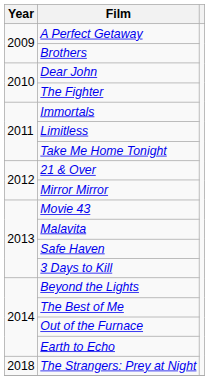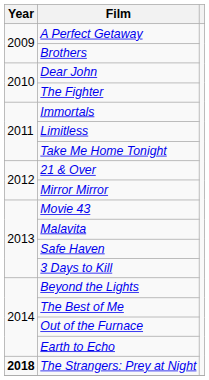 <table class="wikitable plainrowheaders">
 <tr>
 <th>Year</th>
 <th>Film</th>
 <th></th>
 </tr>
 <tr>
 <td rowspan=2>2009</td>
 <td><em><a href='#'>A Perfect Getaway</a></em></td>
 <td rowspan=18></td>
 </tr>
 <tr>
 <td><em><a href='#'>Brothers</a></em></td>
 </tr>
 <tr>
 <td rowspan=2>2010</td>
 <td><em><a href='#'>Dear John</a></em></td>
 </tr>
 <tr>
 <td><em><a href='#'>The Fighter</a></em></td>
 </tr>
 <tr>
 <td rowspan=3>2011</td>
 <td><em><a href='#'>Immortals</a></em></td>
 </tr>
 <tr>
 <td><em><a href='#'>Limitless</a></em></td>
 </tr>
 <tr>
 <td><em><a href='#'>Take Me Home Tonight</a></em></td>
 </tr>
 <tr>
 <td rowspan=2>2012</td>
 <td><em><a href='#'>21 & Over</a></em></td>
 </tr>
 <tr>
 <td><em><a href='#'>Mirror Mirror</a></em></td>
 </tr>
 <tr>
 <td rowspan=4>2013</td>
 <td><em><a href='#'>Movie 43</a></em></td>
 </tr>
 <tr>
 <td><em><a href='#'>Malavita</a></em></td>
 </tr>
 <tr>
 <td><em><a href='#'>Safe Haven</a></em></td>
 </tr>
 <tr>
 <td><em><a href='#'>3 Days to Kill</a></em></td>
 </tr>
 <tr>
 <td rowspan=4>2014</td>
 <td><em><a href='#'>Beyond the Lights</a></em></td>
 </tr>
 <tr>
 <td><em><a href='#'>The Best of Me</a></em></td>
 </tr>
 <tr>
 <td><em><a href='#'>Out of the Furnace</a></em></td>
 </tr>
 <tr>
 <td><em><a href='#'>Earth to Echo</a></em></td>
 </tr>
 <tr>
-<td>2018</td>
+<td><strong>2018</strong></td>
 <td><em><a href='#'>The Strangers: Prey at Night</a></em></td>
 </tr>
 <tr>
 </tr>
 </table>
